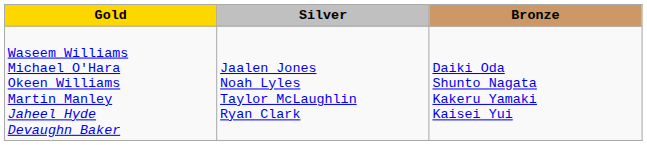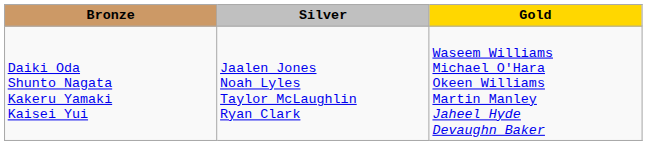 <table class="wikitable" style="text-align:left">
 <tr align="center">
+<td width=200 bgcolor=CC9966><strong>Bronze</strong></td>
+<td width=200 bgcolor=silver><strong>Silver</strong></td>
 <td width=200 bgcolor=gold><strong>Gold</strong></td>
-<td width=200 bgcolor=silver><strong>Silver</strong></td>
-<td width=200 bgcolor=CC9966><strong>Bronze</strong></td>
 </tr>
 <tr>
+<td><br><a href='#'>Daiki Oda</a><br><a href='#'>Shunto Nagata</a><br><a href='#'>Kakeru Yamaki</a><br><a href='#'>Kaisei Yui</a></td>
+<td><br><a href='#'>Jaalen Jones</a><br><a href='#'>Noah Lyles</a><br><a href='#'>Taylor McLaughlin</a><br><a href='#'>Ryan Clark</a></td>
 <td><br><a href='#'>Waseem Williams</a><br><a href='#'>Michael O'Hara</a><br><a href='#'>Okeen Williams</a><br><a href='#'>Martin Manley</a><br><em><a href='#'>Jaheel Hyde</a></em><br><em><a href='#'>Devaughn Baker</a></em></td>
-<td><br><a href='#'>Jaalen Jones</a><br><a href='#'>Noah Lyles</a><br><a href='#'>Taylor McLaughlin</a><br><a href='#'>Ryan Clark</a></td>
-<td><br><a href='#'>Daiki Oda</a><br><a href='#'>Shunto Nagata</a><br><a href='#'>Kakeru Yamaki</a><br><a href='#'>Kaisei Yui</a></td>
 </tr>
 </table>
